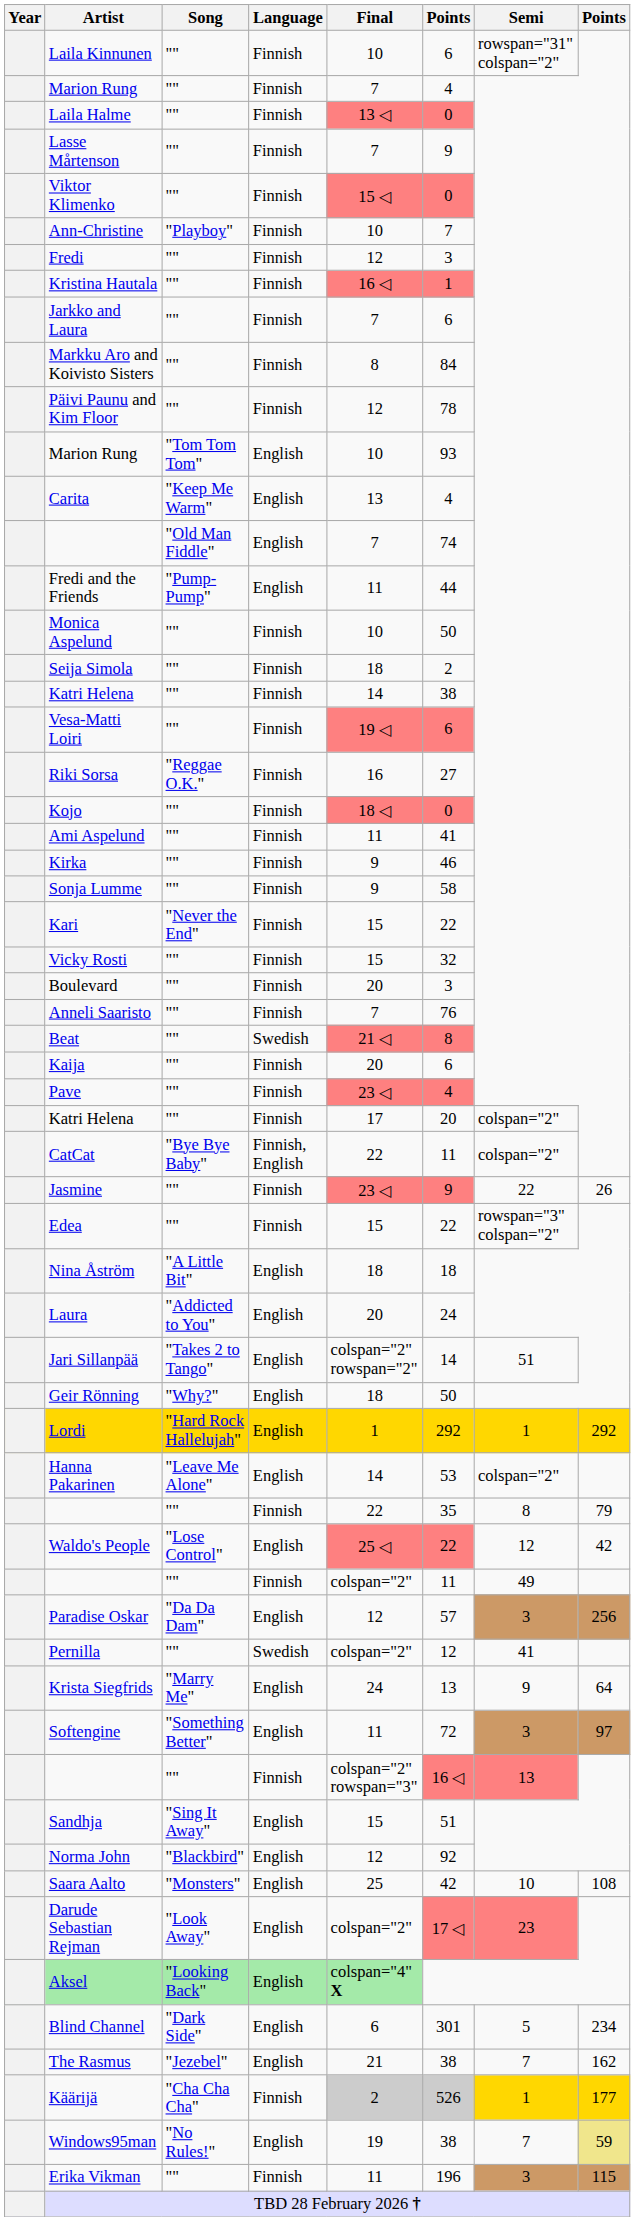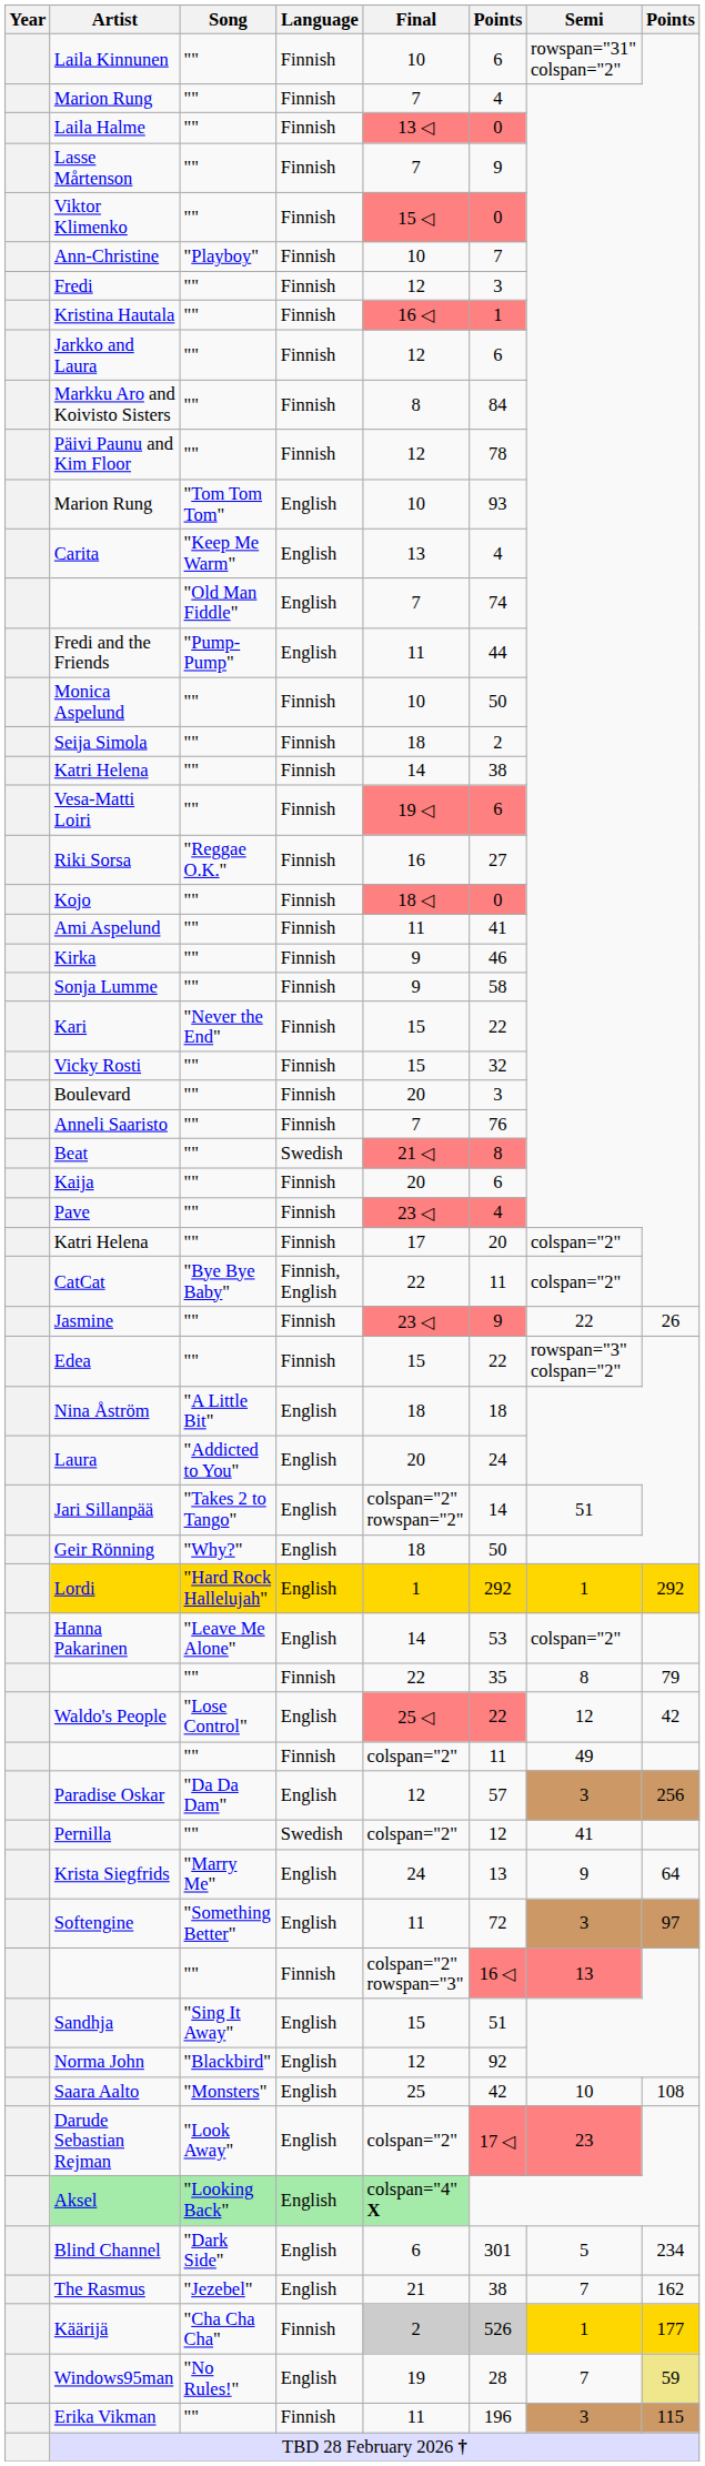 <table class="wikitable sortable plainrowheaders">
 <tr>
 <th scope="col">Year</th>
 <th scope="col">Artist</th>
 <th scope="col">Song</th>
 <th scope="col">Language</th>
 <th scope="col" data-sort-type="number">Final</th>
 <th scope="col" data-sort-type="number">Points</th>
 <th scope="col" data-sort-type="number">Semi</th>
 <th scope="col" data-sort-type="number">Points</th>
 </tr>
 <tr>
 <th scope="row" style="text-align:center;"></th>
 <td><a href='#'>Laila Kinnunen</a></td>
 <td>""</td>
 <td>Finnish</td>
 <td style="text-align:center;">10</td>
 <td style="text-align:center;">6</td>
 <td>rowspan="31" colspan="2" </td>
 </tr>
 <tr>
 <th scope="row" style="text-align:center;"></th>
 <td><a href='#'>Marion Rung</a></td>
 <td>""</td>
 <td>Finnish</td>
 <td style="text-align:center;">7</td>
 <td style="text-align:center;">4</td>
 </tr>
 <tr>
 <th scope="row" style="text-align:center;"></th>
 <td><a href='#'>Laila Halme</a></td>
 <td>""</td>
 <td>Finnish</td>
 <td style="text-align:center; background-color:#FE8080;">13 ◁</td>
 <td style="text-align:center; background-color:#FE8080;">0</td>
 </tr>
 <tr>
 <th scope="row" style="text-align:center;"></th>
 <td><a href='#'>Lasse Mårtenson</a></td>
 <td>""</td>
 <td>Finnish</td>
 <td style="text-align:center;">7</td>
 <td style="text-align:center;">9</td>
 </tr>
 <tr>
 <th scope="row" style="text-align:center;"></th>
 <td><a href='#'>Viktor Klimenko</a></td>
 <td>""</td>
 <td>Finnish</td>
 <td style="text-align:center; background-color:#FE8080;">15 ◁</td>
 <td style="text-align:center; background-color:#FE8080;">0</td>
 </tr>
 <tr>
 <th scope="row" style="text-align:center;"></th>
 <td><a href='#'>Ann-Christine</a></td>
 <td>"<a href='#'>Playboy</a>"</td>
 <td>Finnish</td>
 <td style="text-align:center;">10</td>
 <td style="text-align:center;">7</td>
 </tr>
 <tr>
 <th scope="row" style="text-align:center;"></th>
 <td><a href='#'>Fredi</a></td>
 <td>""</td>
 <td>Finnish</td>
 <td style="text-align:center;">12</td>
 <td style="text-align:center;">3</td>
 </tr>
 <tr>
 <th scope="row" style="text-align:center;"></th>
 <td><a href='#'>Kristina Hautala</a></td>
 <td>""</td>
 <td>Finnish</td>
 <td style="text-align:center; background-color:#FE8080;">16 ◁</td>
 <td style="text-align:center; background-color:#FE8080;">1</td>
 </tr>
 <tr>
 <th scope="row" style="text-align:center;"></th>
 <td><a href='#'>Jarkko and Laura</a></td>
 <td>""</td>
 <td>Finnish</td>
-<td style="text-align:center;">7</td>
+<td style="text-align:center;">12</td>
 <td style="text-align:center;">6</td>
 </tr>
 <tr>
 <th scope="row" style="text-align:center;"></th>
 <td><a href='#'>Markku Aro</a> and Koivisto Sisters</td>
 <td>""</td>
 <td>Finnish</td>
 <td style="text-align:center;">8</td>
 <td style="text-align:center;">84</td>
 </tr>
 <tr>
 <th scope="row" style="text-align:center;"></th>
 <td><a href='#'>Päivi Paunu</a> and <a href='#'>Kim Floor</a></td>
 <td>""</td>
 <td>Finnish</td>
 <td style="text-align:center;">12</td>
 <td style="text-align:center;">78</td>
 </tr>
 <tr>
 <th scope="row" style="text-align:center;"></th>
 <td>Marion Rung</td>
 <td>"<a href='#'>Tom Tom Tom</a>"</td>
 <td>English</td>
 <td style="text-align:center;">10</td>
 <td style="text-align:center;">93</td>
 </tr>
 <tr>
 <th scope="row" style="text-align:center;"></th>
 <td><a href='#'>Carita</a></td>
 <td>"<a href='#'>Keep Me Warm</a>"</td>
 <td>English</td>
 <td style="text-align:center;">13</td>
 <td style="text-align:center;">4</td>
 </tr>
 <tr>
 <th scope="row" style="text-align:center;"></th>
 <td></td>
 <td>"<a href='#'>Old Man Fiddle</a>"</td>
 <td>English</td>
 <td style="text-align:center;">7</td>
 <td style="text-align:center;">74</td>
 </tr>
 <tr>
 <th scope="row" style="text-align:center;"></th>
 <td>Fredi and the Friends</td>
 <td>"<a href='#'>Pump-Pump</a>"</td>
 <td>English</td>
 <td style="text-align:center;">11</td>
 <td style="text-align:center;">44</td>
 </tr>
 <tr>
 <th scope="row" style="text-align:center;"></th>
 <td><a href='#'>Monica Aspelund</a></td>
 <td>""</td>
 <td>Finnish</td>
 <td style="text-align:center;">10</td>
 <td style="text-align:center;">50</td>
 </tr>
 <tr>
 <th scope="row" style="text-align:center;"></th>
 <td><a href='#'>Seija Simola</a></td>
 <td>""</td>
 <td>Finnish</td>
 <td style="text-align:center;">18</td>
 <td style="text-align:center;">2</td>
 </tr>
 <tr>
 <th scope="row" style="text-align:center;"></th>
 <td><a href='#'>Katri Helena</a></td>
 <td>""</td>
 <td>Finnish</td>
 <td style="text-align:center;">14</td>
 <td style="text-align:center;">38</td>
 </tr>
 <tr>
 <th scope="row" style="text-align:center;"></th>
 <td><a href='#'>Vesa-Matti Loiri</a></td>
 <td>""</td>
 <td>Finnish</td>
 <td style="text-align:center; background-color:#FE8080;">19 ◁</td>
 <td style="text-align:center; background-color:#FE8080;">6</td>
 </tr>
 <tr>
 <th scope="row" style="text-align:center;"></th>
 <td><a href='#'>Riki Sorsa</a></td>
 <td>"<a href='#'>Reggae O.K.</a>"</td>
 <td>Finnish</td>
 <td style="text-align:center;">16</td>
 <td style="text-align:center;">27</td>
 </tr>
 <tr>
 <th scope="row" style="text-align:center;"></th>
 <td><a href='#'>Kojo</a></td>
 <td>""</td>
 <td>Finnish</td>
 <td style="text-align:center; background-color:#FE8080;">18 ◁</td>
 <td style="text-align:center; background-color:#FE8080;">0</td>
 </tr>
 <tr>
 <th scope="row" style="text-align:center;"></th>
 <td><a href='#'>Ami Aspelund</a></td>
 <td>""</td>
 <td>Finnish</td>
 <td style="text-align:center;">11</td>
 <td style="text-align:center;">41</td>
 </tr>
 <tr>
 <th scope="row" style="text-align:center;"></th>
 <td><a href='#'>Kirka</a></td>
 <td>""</td>
 <td>Finnish</td>
 <td style="text-align:center;">9</td>
 <td style="text-align:center;">46</td>
 </tr>
 <tr>
 <th scope="row" style="text-align:center;"></th>
 <td><a href='#'>Sonja Lumme</a></td>
 <td>""</td>
 <td>Finnish</td>
 <td style="text-align:center;">9</td>
 <td style="text-align:center;">58</td>
 </tr>
 <tr>
 <th scope="row" style="text-align:center;"></th>
 <td><a href='#'>Kari</a></td>
 <td>"<a href='#'>Never the End</a>"</td>
 <td>Finnish</td>
 <td style="text-align:center;">15</td>
 <td style="text-align:center;">22</td>
 </tr>
 <tr>
 <th scope="row" style="text-align:center;"></th>
 <td><a href='#'>Vicky Rosti</a></td>
 <td>""</td>
 <td>Finnish</td>
 <td style="text-align:center;">15</td>
 <td style="text-align:center;">32</td>
 </tr>
 <tr>
 <th scope="row" style="text-align:center;"></th>
 <td>Boulevard</td>
 <td>""</td>
 <td>Finnish</td>
 <td style="text-align:center;">20</td>
 <td style="text-align:center;">3</td>
 </tr>
 <tr>
 <th scope="row" style="text-align:center;"></th>
 <td><a href='#'>Anneli Saaristo</a></td>
 <td>""</td>
 <td>Finnish</td>
 <td style="text-align:center;">7</td>
 <td style="text-align:center;">76</td>
 </tr>
 <tr>
 <th scope="row" style="text-align:center;"></th>
 <td><a href='#'>Beat</a></td>
 <td>""</td>
 <td>Swedish</td>
 <td style="text-align:center; background-color:#FE8080;">21 ◁</td>
 <td style="text-align:center; background-color:#FE8080;">8</td>
 </tr>
 <tr>
 <th scope="row" style="text-align:center;"></th>
 <td><a href='#'>Kaija</a></td>
 <td>""</td>
 <td>Finnish</td>
 <td style="text-align:center;">20</td>
 <td style="text-align:center;">6</td>
 </tr>
 <tr>
 <th scope="row" style="text-align:center;"></th>
 <td><a href='#'>Pave</a></td>
 <td>""</td>
 <td>Finnish</td>
 <td style="text-align:center; background-color:#FE8080;">23 ◁</td>
 <td style="text-align:center; background-color:#FE8080;">4</td>
 </tr>
 <tr>
 <th scope="row" style="text-align:center;"></th>
 <td>Katri Helena</td>
 <td>""</td>
 <td>Finnish</td>
 <td style="text-align:center;">17</td>
 <td style="text-align:center;">20</td>
 <td>colspan="2" </td>
 </tr>
 <tr>
 <th scope="row" style="text-align:center;"></th>
 <td><a href='#'>CatCat</a></td>
 <td>"<a href='#'>Bye Bye Baby</a>"</td>
 <td>Finnish, English</td>
 <td style="text-align:center;">22</td>
 <td style="text-align:center;">11</td>
 <td>colspan="2" </td>
 </tr>
 <tr>
 <th scope="row" style="text-align:center;"></th>
 <td><a href='#'>Jasmine</a></td>
 <td>""</td>
 <td>Finnish</td>
 <td style="text-align:center; background-color:#FE8080;">23 ◁</td>
 <td style="text-align:center; background-color:#FE8080;">9</td>
 <td style="text-align:center;">22</td>
 <td style="text-align:center;">26</td>
 </tr>
 <tr>
 <th scope="row" style="text-align:center;"></th>
 <td><a href='#'>Edea</a></td>
 <td>""</td>
 <td>Finnish</td>
 <td style="text-align:center;">15</td>
 <td style="text-align:center;">22</td>
 <td>rowspan="3" colspan="2" </td>
 </tr>
 <tr>
 <th scope="row" style="text-align:center;"></th>
 <td><a href='#'>Nina Åström</a></td>
 <td>"<a href='#'>A Little Bit</a>"</td>
 <td>English</td>
 <td style="text-align:center;">18</td>
 <td style="text-align:center;">18</td>
 </tr>
 <tr>
 <th scope="row" style="text-align:center;"></th>
 <td><a href='#'>Laura</a></td>
 <td>"<a href='#'>Addicted to You</a>"</td>
 <td>English</td>
 <td style="text-align:center;">20</td>
 <td style="text-align:center;">24</td>
 </tr>
 <tr>
 <th scope="row" style="text-align:center;"></th>
 <td><a href='#'>Jari Sillanpää</a></td>
 <td>"<a href='#'>Takes 2 to Tango</a>"</td>
 <td>English</td>
 <td>colspan="2" rowspan="2" </td>
 <td style="text-align:center;">14</td>
 <td style="text-align:center;">51</td>
 </tr>
 <tr>
 <th scope="row" style="text-align:center;"></th>
 <td><a href='#'>Geir Rönning</a></td>
 <td>"<a href='#'>Why?</a>"</td>
 <td>English</td>
 <td style="text-align:center;">18</td>
 <td style="text-align:center;">50</td>
 </tr>
 <tr style="background-color:#FFD700;">
 <th scope="row" style="text-align:center;"></th>
 <td><a href='#'>Lordi</a></td>
 <td>"<a href='#'>Hard Rock Hallelujah</a>"</td>
 <td>English</td>
 <td style="text-align:center;">1</td>
 <td style="text-align:center;">292</td>
 <td style="text-align:center;">1</td>
 <td style="text-align:center;">292</td>
 </tr>
 <tr>
 <th scope="row" style="text-align:center;"></th>
 <td><a href='#'>Hanna Pakarinen</a></td>
 <td>"<a href='#'>Leave Me Alone</a>"</td>
 <td>English</td>
 <td style="text-align:center;">14</td>
 <td style="text-align:center;">53</td>
 <td>colspan="2" </td>
 </tr>
 <tr>
 <th scope="row" style="text-align:center;"></th>
 <td></td>
 <td>""</td>
 <td>Finnish</td>
 <td style="text-align:center;">22</td>
 <td style="text-align:center;">35</td>
 <td style="text-align:center;">8</td>
 <td style="text-align:center;">79</td>
 </tr>
 <tr>
 <th scope="row" style="text-align:center;"></th>
 <td><a href='#'>Waldo's People</a></td>
 <td>"<a href='#'>Lose Control</a>"</td>
 <td>English</td>
 <td style="text-align:center; background-color:#FE8080;">25 ◁</td>
 <td style="text-align:center; background-color:#FE8080;">22</td>
 <td style="text-align:center;">12</td>
 <td style="text-align:center;">42</td>
 </tr>
 <tr>
 <th scope="row" style="text-align:center;"></th>
 <td></td>
 <td>""</td>
 <td>Finnish</td>
 <td>colspan="2" </td>
 <td style="text-align:center;">11</td>
 <td style="text-align:center;">49</td>
 </tr>
 <tr>
 <th scope="row" style="text-align:center;"></th>
 <td><a href='#'>Paradise Oskar</a></td>
 <td>"<a href='#'>Da Da Dam</a>"</td>
 <td>English</td>
 <td style="text-align:center;">12</td>
 <td style="text-align:center;">57</td>
 <td style="text-align:center; background-color:#C96;">3</td>
 <td style="text-align:center; background-color:#C96;">256</td>
 </tr>
 <tr>
 <th scope="row" style="text-align:center;"></th>
 <td><a href='#'>Pernilla</a></td>
 <td>""</td>
 <td>Swedish</td>
 <td>colspan="2" </td>
 <td style="text-align:center;">12</td>
 <td style="text-align:center;">41</td>
 </tr>
 <tr>
 <th scope="row" style="text-align:center;"></th>
 <td><a href='#'>Krista Siegfrids</a></td>
 <td>"<a href='#'>Marry Me</a>"</td>
 <td>English</td>
 <td style="text-align:center;">24</td>
 <td style="text-align:center;">13</td>
 <td style="text-align:center;">9</td>
 <td style="text-align:center;">64</td>
 </tr>
 <tr>
 <th scope="row" style="text-align:center;"></th>
 <td><a href='#'>Softengine</a></td>
 <td>"<a href='#'>Something Better</a>"</td>
 <td>English</td>
 <td style="text-align:center;">11</td>
 <td style="text-align:center;">72</td>
 <td style="text-align:center; background-color:#C96;">3</td>
 <td style="text-align:center; background-color:#C96;">97</td>
 </tr>
 <tr>
 <th scope="row" style="text-align:center;"></th>
 <td></td>
 <td>""</td>
 <td>Finnish</td>
 <td>colspan="2" rowspan="3" </td>
 <td style="text-align:center; background-color:#FE8080;">16 ◁</td>
 <td style="text-align:center; background-color:#FE8080;">13</td>
 </tr>
 <tr>
 <th scope="row" style="text-align:center;"></th>
 <td><a href='#'>Sandhja</a></td>
 <td>"<a href='#'>Sing It Away</a>"</td>
 <td>English</td>
 <td style="text-align:center;">15</td>
 <td style="text-align:center;">51</td>
 </tr>
 <tr>
 <th scope="row" style="text-align:center;"></th>
 <td><a href='#'>Norma John</a></td>
 <td>"<a href='#'>Blackbird</a>"</td>
 <td>English</td>
 <td style="text-align:center;">12</td>
 <td style="text-align:center;">92</td>
 </tr>
 <tr>
 <th scope="row" style="text-align:center;"></th>
 <td><a href='#'>Saara Aalto</a></td>
 <td>"<a href='#'>Monsters</a>"</td>
 <td>English</td>
 <td style="text-align:center;">25</td>
 <td style="text-align:center;">42</td>
 <td style="text-align:center;">10</td>
 <td style="text-align:center;">108</td>
 </tr>
 <tr>
 <th scope="row" style="text-align:center;"></th>
 <td><a href='#'>Darude</a>  <a href='#'>Sebastian Rejman</a></td>
 <td>"<a href='#'>Look Away</a>"</td>
 <td>English</td>
 <td>colspan="2" </td>
 <td style="text-align:center; background-color:#FE8080;">17 ◁</td>
 <td style="text-align:center; background-color:#FE8080;">23</td>
 </tr>
 <tr style="background-color:#A4EAA9;">
 <th scope="row" style="text-align:center;"></th>
 <td><a href='#'>Aksel</a></td>
 <td>"<a href='#'>Looking Back</a>"</td>
 <td>English</td>
 <td>colspan="4"  <strong>X</strong></td>
 </tr>
 <tr>
 <th scope="row" style="text-align:center;"></th>
 <td><a href='#'>Blind Channel</a></td>
 <td>"<a href='#'>Dark Side</a>"</td>
 <td>English</td>
 <td style="text-align:center;">6</td>
 <td style="text-align:center;">301</td>
 <td style="text-align:center;">5</td>
 <td style="text-align:center;">234</td>
 </tr>
 <tr>
 <th scope="row" style="text-align:center;"></th>
 <td><a href='#'>The Rasmus</a></td>
 <td>"<a href='#'>Jezebel</a>"</td>
 <td>English</td>
 <td style="text-align:center;">21</td>
 <td style="text-align:center;">38</td>
 <td style="text-align:center;">7</td>
 <td style="text-align:center;">162</td>
 </tr>
 <tr>
 <th scope="row" style="text-align:center;"></th>
 <td><a href='#'>Käärijä</a></td>
 <td>"<a href='#'>Cha Cha Cha</a>"</td>
 <td>Finnish</td>
 <td style="text-align:center; background-color:#CCC;">2</td>
 <td style="text-align:center; background-color:#CCC;">526</td>
 <td style="text-align:center; background-color:#FFD700;">1</td>
 <td style="text-align:center; background-color:#FFD700;">177</td>
 </tr>
 <tr>
 <th scope="row" style="text-align:center;"></th>
 <td><a href='#'>Windows95man</a></td>
 <td>"<a href='#'>No Rules!</a>"</td>
 <td>English</td>
 <td style="text-align:center;">19</td>
-<td style="text-align:center;">38</td>
+<td style="text-align:center;">28</td>
 <td style="text-align:center;">7</td>
 <td style="background: khaki; text-align:center;">59</td>
 </tr>
 <tr>
 <th scope="row" style="text-align:center;"></th>
 <td><a href='#'>Erika Vikman</a></td>
 <td>""</td>
 <td>Finnish</td>
 <td style="text-align:center;">11</td>
 <td style="text-align:center;">196</td>
 <td style="text-align:center; background-color:#C96;">3</td>
 <td style="text-align:center; background-color:#C96;">115</td>
 </tr>
 <tr bgcolor=#ddf>
 <th scope="row" style="text-align:center;"></th>
 <td colspan="7" align="center">TBD 28 February 2026 <strong>†</strong></td>
 </tr>
 </table>
